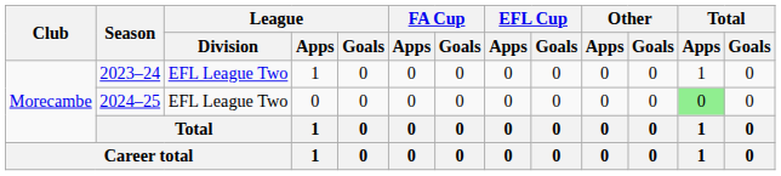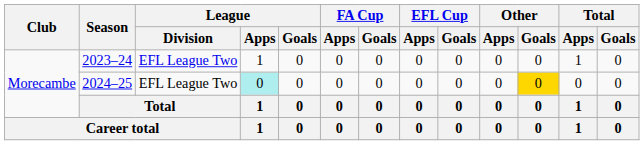 <table class="wikitable" style="text-align:center;">
 <tr>
 <th rowspan="2">Club</th>
 <th rowspan="2">Season</th>
 <th colspan="3">League</th>
 <th colspan="2"><a href='#'>FA Cup</a></th>
 <th colspan="2"><a href='#'>EFL Cup</a></th>
 <th colspan="2">Other</th>
 <th colspan="2">Total</th>
 </tr>
 <tr>
 <th>Division</th>
 <th>Apps</th>
 <th>Goals</th>
 <th>Apps</th>
 <th>Goals</th>
 <th>Apps</th>
 <th>Goals</th>
 <th>Apps</th>
 <th>Goals</th>
 <th>Apps</th>
 <th>Goals</th>
 </tr>
 <tr>
 <td rowspan="3"><a href='#'>Morecambe</a></td>
 <td><a href='#'>2023–24</a></td>
 <td><a href='#'>EFL League Two</a></td>
 <td>1</td>
 <td>0</td>
 <td>0</td>
 <td>0</td>
 <td>0</td>
 <td>0</td>
 <td>0</td>
 <td>0</td>
 <td>1</td>
 <td>0</td>
 </tr>
 <tr>
 <td><a href='#'>2024–25</a></td>
 <td>EFL League Two</td>
+<td style="background: paleturquoise;">0</td>
 <td>0</td>
 <td>0</td>
 <td>0</td>
 <td>0</td>
 <td>0</td>
 <td>0</td>
+<td style="background: gold;">0</td>
 <td>0</td>
-<td>0</td>
-<td style="background: lightgreen;">0</td>
 <td>0</td>
 </tr>
 <tr>
 <th colspan="2">Total</th>
 <th>1</th>
 <th>0</th>
 <th>0</th>
 <th>0</th>
 <th>0</th>
 <th>0</th>
 <th>0</th>
 <th>0</th>
 <th>1</th>
 <th>0</th>
 </tr>
 <tr>
 <th colspan="3">Career total</th>
 <th>1</th>
 <th>0</th>
 <th>0</th>
 <th>0</th>
 <th>0</th>
 <th>0</th>
 <th>0</th>
 <th>0</th>
 <th>1</th>
 <th>0</th>
 </tr>
 </table>
